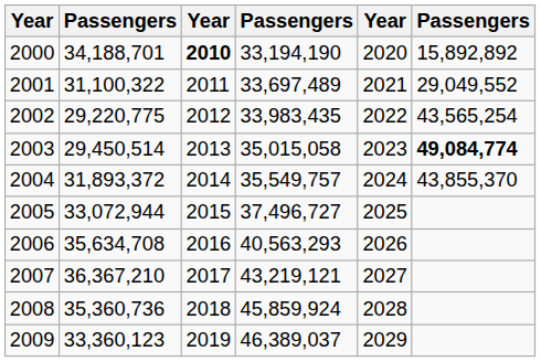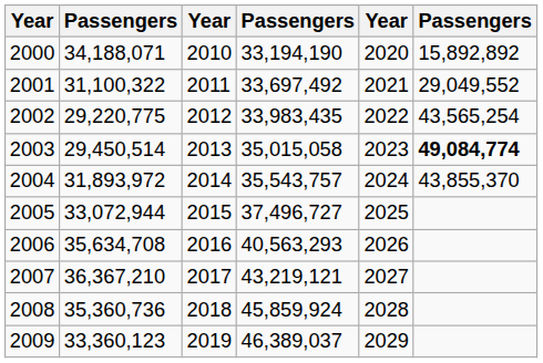 <table class="wikitable">
 <tr>
 <th>Year</th>
 <th>Passengers</th>
 <th>Year</th>
 <th>Passengers</th>
 <th>Year</th>
 <th>Passengers</th>
 </tr>
 <tr>
 <td>2000</td>
-<td>34,188,701</td>
-<td><strong>2010</strong></td>
+<td>34,188,071</td>
+<td>2010</td>
 <td>33,194,190</td>
 <td>2020</td>
 <td>15,892,892</td>
 </tr>
 <tr>
 <td>2001</td>
 <td>31,100,322</td>
 <td>2011</td>
-<td>33,697,489</td>
+<td>33,697,492</td>
 <td>2021</td>
 <td>29,049,552</td>
 </tr>
 <tr>
 <td>2002</td>
 <td>29,220,775</td>
 <td>2012</td>
 <td>33,983,435</td>
 <td>2022</td>
 <td>43,565,254</td>
 </tr>
 <tr>
 <td>2003</td>
 <td>29,450,514</td>
 <td>2013</td>
 <td>35,015,058</td>
 <td>2023</td>
 <td><strong>49,084,774</strong></td>
 </tr>
 <tr>
 <td>2004</td>
-<td>31,893,372</td>
+<td>31,893,972</td>
 <td>2014</td>
-<td>35,549,757</td>
+<td>35,543,757</td>
 <td>2024</td>
 <td>43,855,370</td>
 </tr>
 <tr>
 <td>2005</td>
 <td>33,072,944</td>
 <td>2015</td>
 <td>37,496,727</td>
 <td>2025</td>
 <td></td>
 </tr>
 <tr>
 <td>2006</td>
 <td>35,634,708</td>
 <td>2016</td>
 <td>40,563,293</td>
 <td>2026</td>
 <td></td>
 </tr>
 <tr>
 <td>2007</td>
 <td>36,367,210</td>
 <td>2017</td>
 <td>43,219,121</td>
 <td>2027</td>
 <td></td>
 </tr>
 <tr>
 <td>2008</td>
 <td>35,360,736</td>
 <td>2018</td>
 <td>45,859,924</td>
 <td>2028</td>
 <td></td>
 </tr>
 <tr>
 <td>2009</td>
 <td>33,360,123</td>
 <td>2019</td>
 <td>46,389,037</td>
 <td>2029</td>
 <td></td>
 </tr>
 </table>
